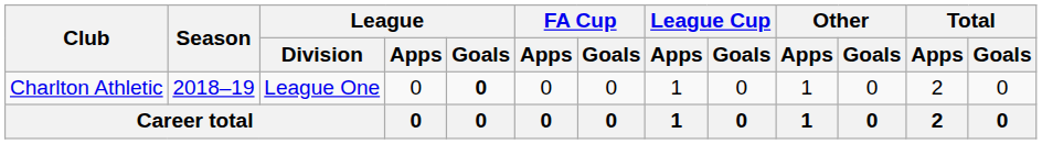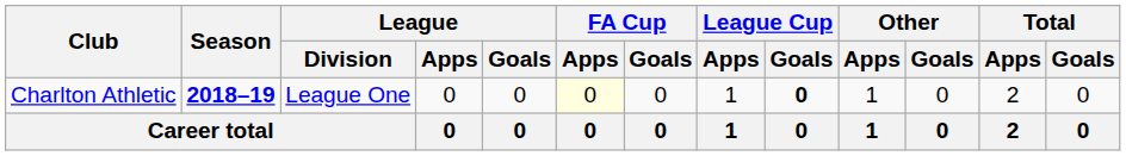 <table class="wikitable" style="text-align: center">
 <tr>
 <th rowspan="2">Club</th>
 <th rowspan="2">Season</th>
 <th colspan="3">League</th>
 <th colspan="2"><a href='#'>FA Cup</a></th>
 <th colspan="2"><a href='#'>League Cup</a></th>
 <th colspan="2">Other</th>
 <th colspan="2">Total</th>
 </tr>
 <tr>
 <th>Division</th>
 <th>Apps</th>
 <th>Goals</th>
 <th>Apps</th>
 <th>Goals</th>
 <th>Apps</th>
 <th>Goals</th>
 <th>Apps</th>
 <th>Goals</th>
 <th>Apps</th>
 <th>Goals</th>
 </tr>
 <tr>
 <td rowspan="1"><a href='#'>Charlton Athletic</a></td>
-<td><a href='#'>2018–19</a></td>
+<td><strong><a href='#'>2018–19</a></strong></td>
 <td><a href='#'>League One</a></td>
 <td>0</td>
-<td><strong>0</strong></td>
 <td>0</td>
+<td style="background: lightyellow;">0</td>
 <td>0</td>
 <td>1</td>
-<td>0</td>
+<td><strong>0</strong></td>
 <td>1</td>
 <td>0</td>
 <td>2</td>
 <td>0</td>
 </tr>
 <tr>
 <th colspan="3">Career total</th>
 <th>0</th>
 <th>0</th>
 <th>0</th>
 <th>0</th>
 <th>1</th>
 <th>0</th>
 <th>1</th>
 <th>0</th>
 <th>2</th>
 <th>0</th>
 </tr>
 </table>
